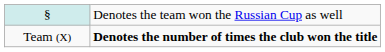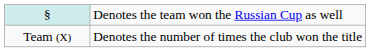 <table class="wikitable">
 <tr>
 <td style="text-align:center; background-color:#CFECEC; width:6em">§</td>
 <td>Denotes the team won the <a href='#'>Russian Cup</a> as well</td>
 </tr>
 <tr>
 <td style="text-align:center;">Team <small>(X)</small></td>
-<td><strong>Denotes the number of times the club won the title</strong></td>
+<td>Denotes the number of times the club won the title</td>
 </tr>
 </table>
